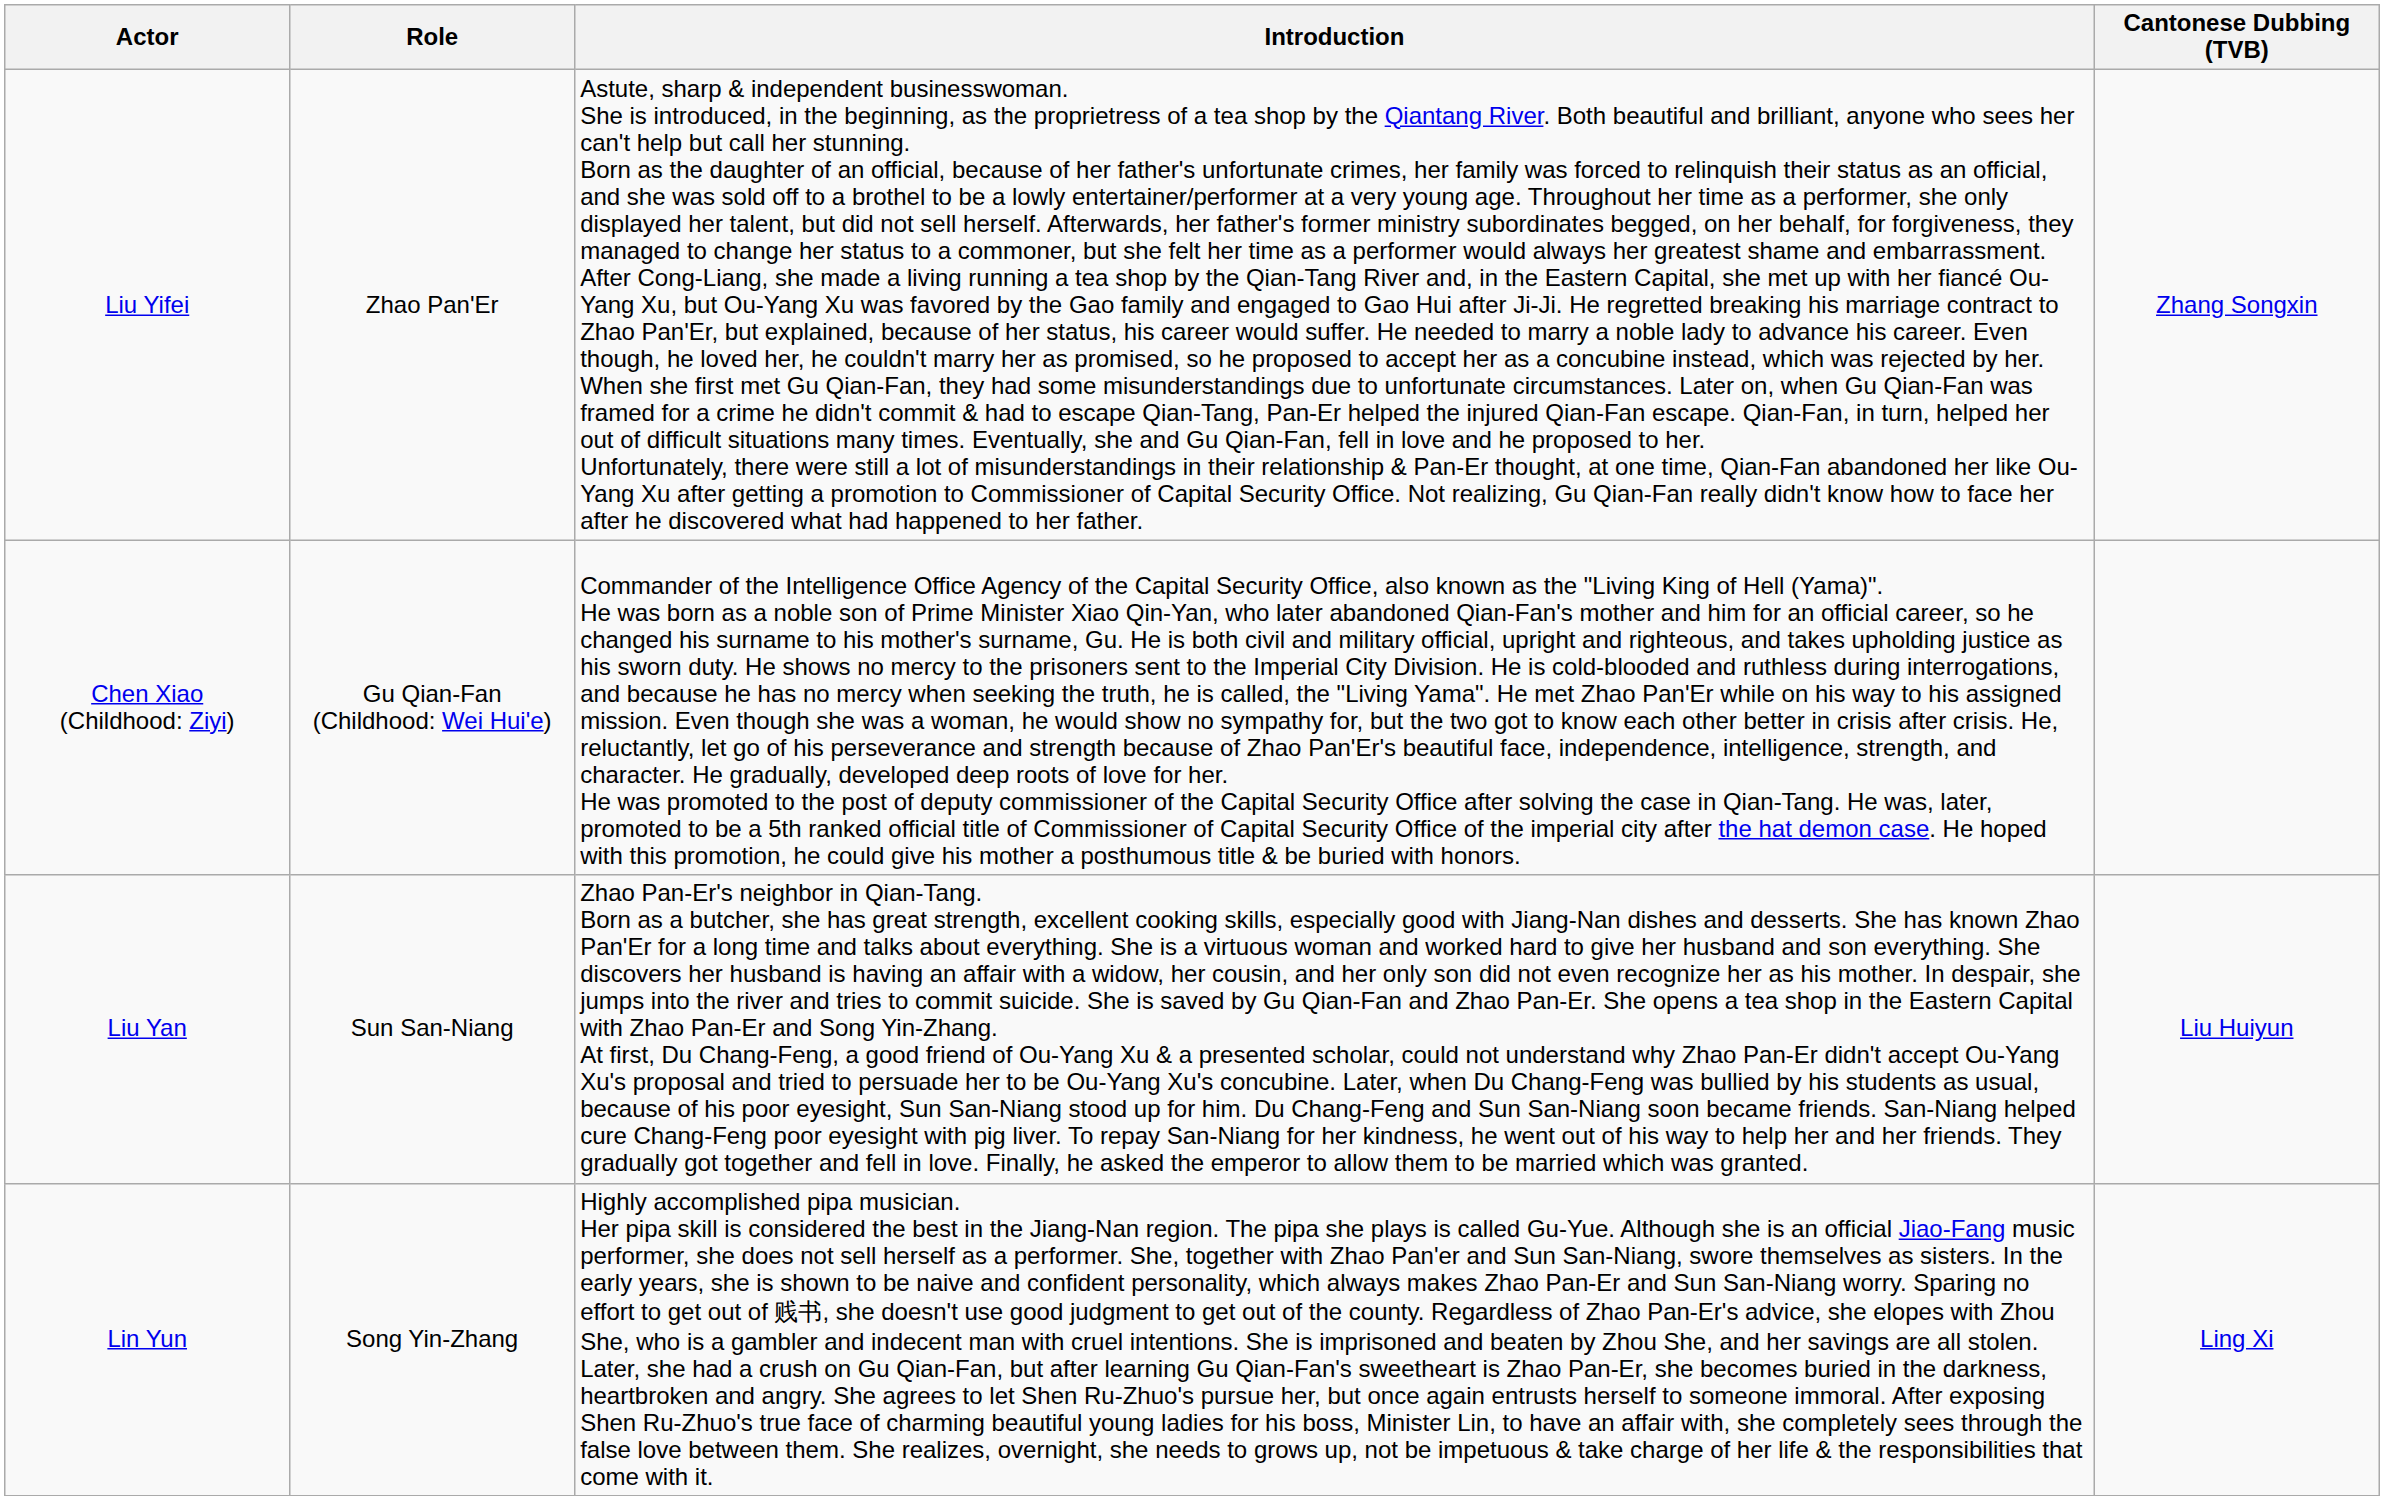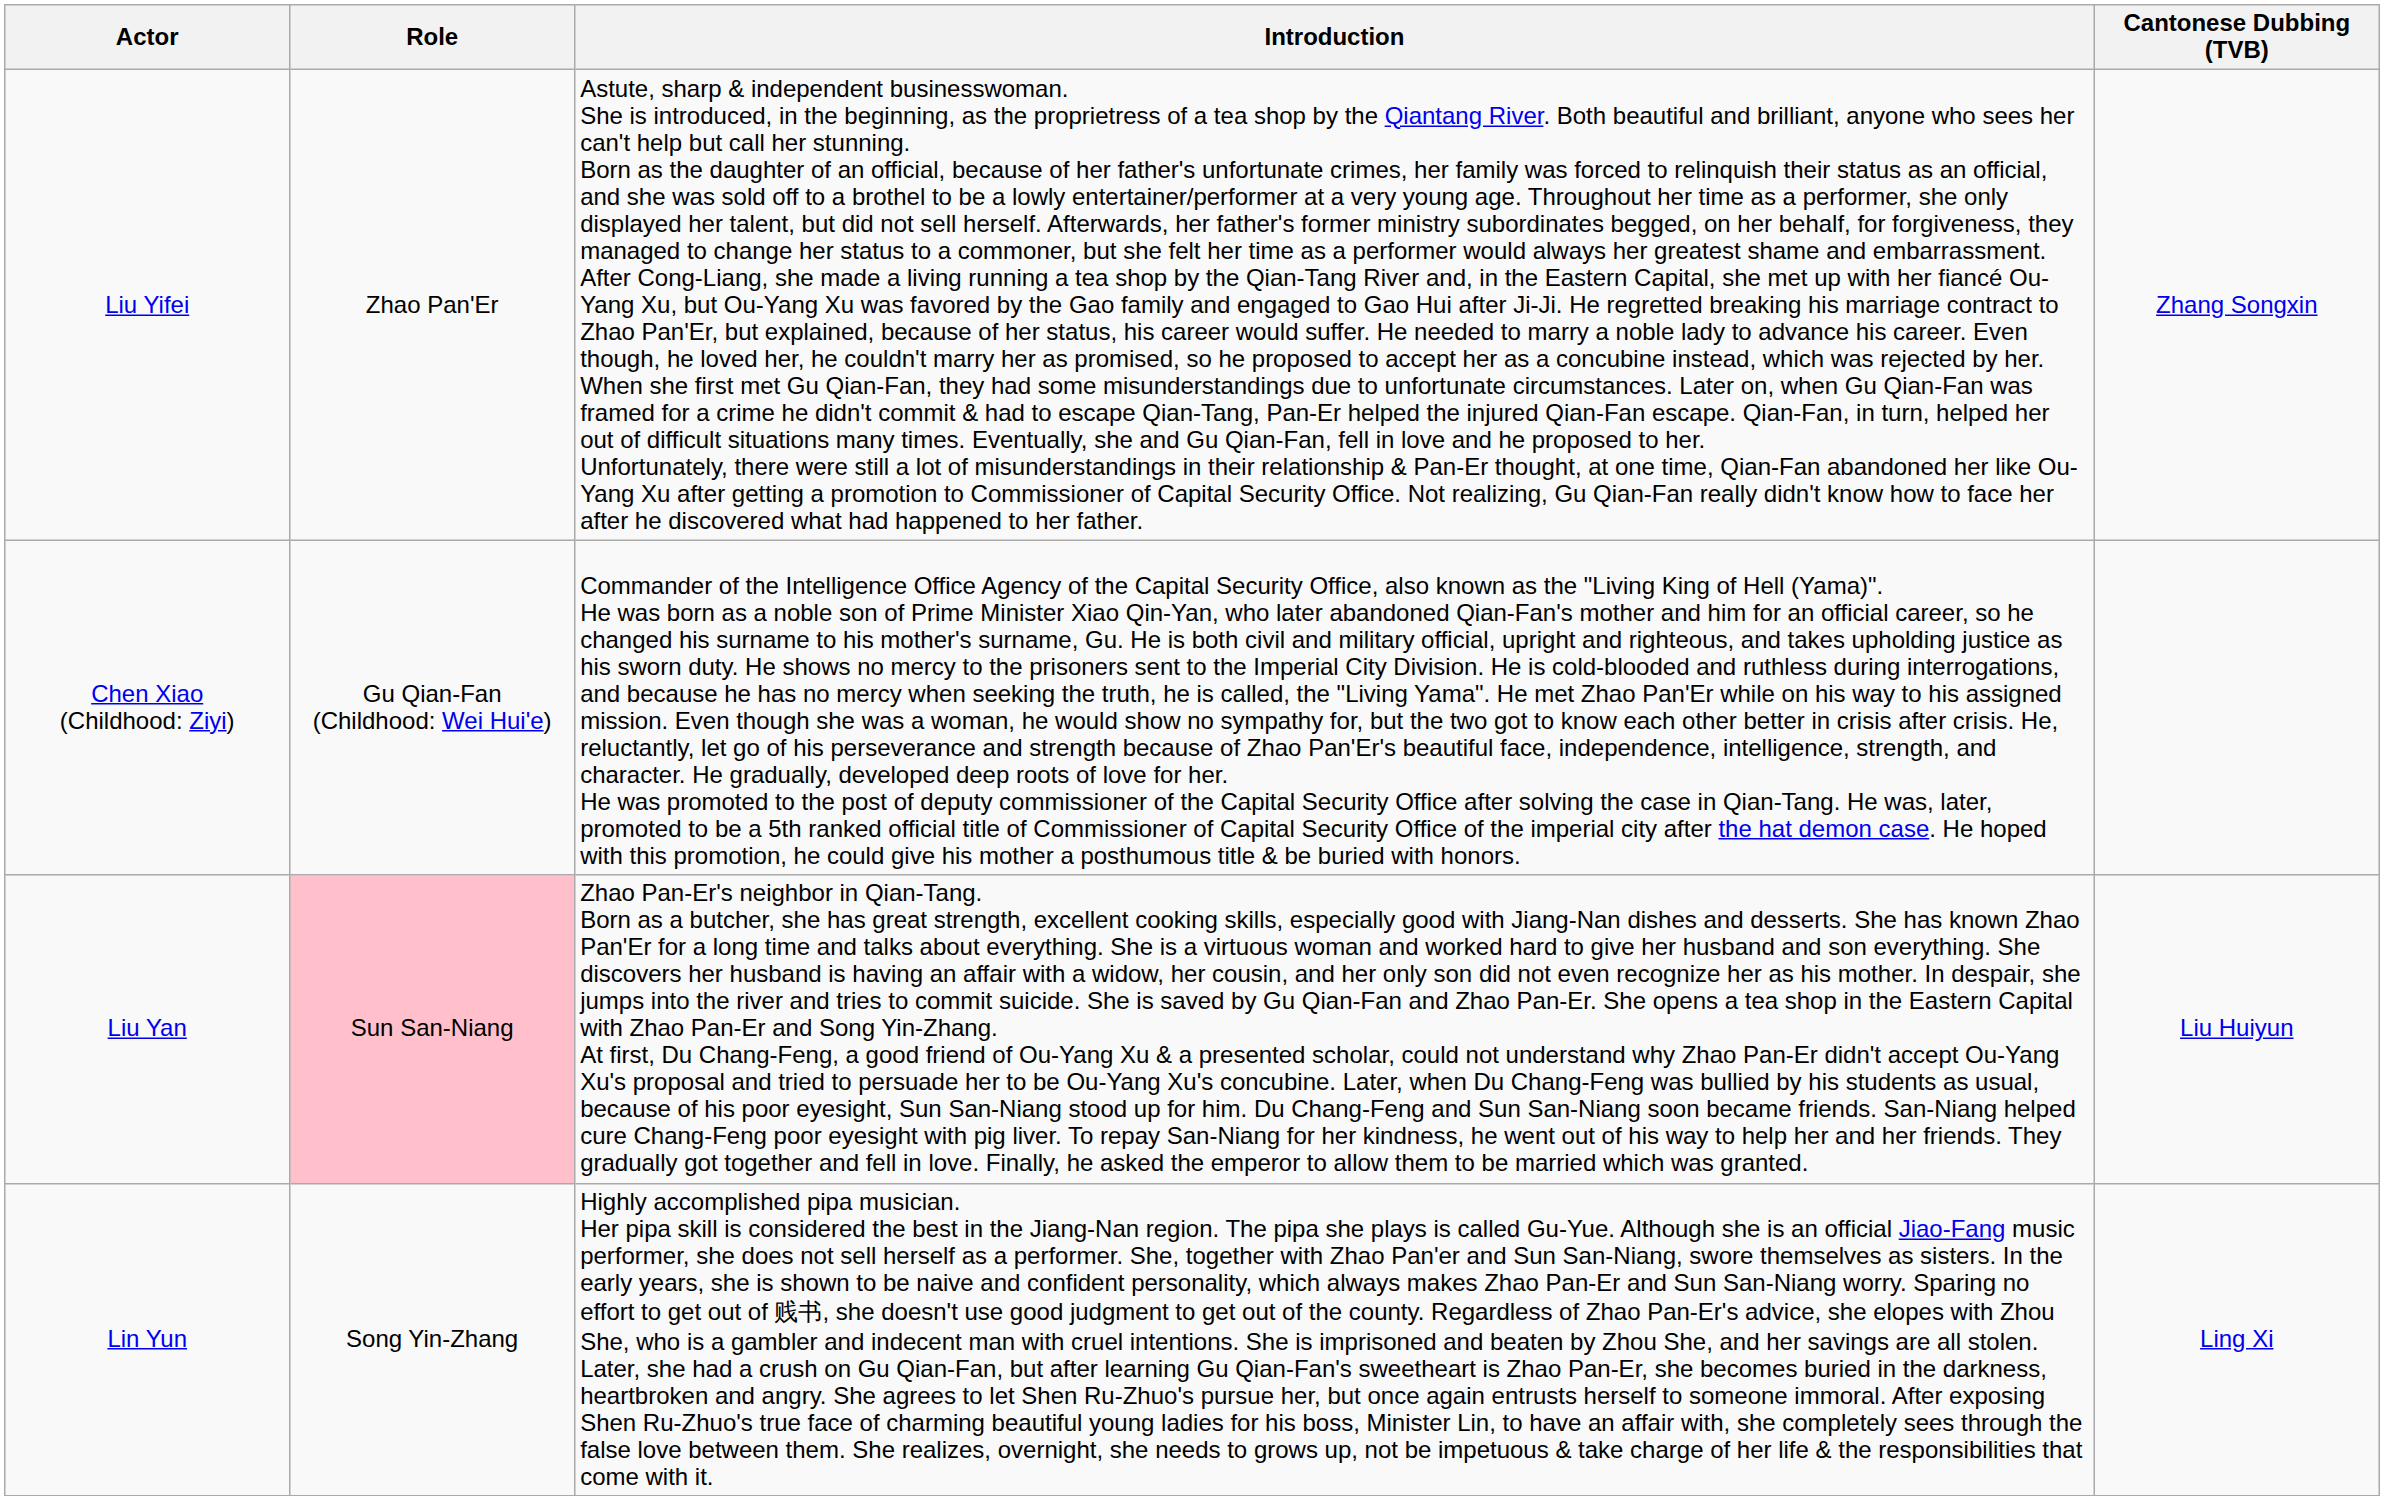 <table class="wikitable" width="100%" style="text-align:center">
 <tr>
 <th width="12%">Actor</th>
 <th width="12%">Role</th>
 <th>Introduction</th>
 <th width="12%">Cantonese Dubbing (TVB)</th>
 </tr>
 <tr>
 <td><a href='#'>Liu Yifei</a></td>
 <td>Zhao Pan'Er</td>
 <td align=left>Astute, sharp & independent businesswoman.<br>She is introduced, in the beginning, as the proprietress of a tea shop by the <a href='#'>Qiantang River</a>. Both beautiful and brilliant, anyone who sees her can't help but call her stunning.<br>Born as the daughter of an official, because of her father's unfortunate crimes, her family was forced to relinquish their status as an official, and she was sold off to a brothel to be a lowly entertainer/performer at a very young age. Throughout her time as a performer, she only displayed her talent, but did not sell herself. Afterwards, her father's former ministry subordinates begged, on her behalf, for forgiveness, they managed to change her status to a commoner, but she felt her time as a performer would always her greatest shame and embarrassment. After Cong-Liang, she made a living running a tea shop by the Qian-Tang River and, in the Eastern Capital, she met up with her fiancé Ou-Yang Xu, but Ou-Yang Xu was favored by the Gao family and engaged to Gao Hui after Ji-Ji. He regretted breaking his marriage contract to Zhao Pan'Er, but explained, because of her status, his career would suffer. He needed to marry a noble lady to advance his career. Even though, he loved her, he couldn't marry her as promised, so he proposed to accept her as a concubine instead, which was rejected by her.<br>When she first met Gu Qian-Fan, they had some misunderstandings due to unfortunate circumstances. Later on, when Gu Qian-Fan was framed for a crime he didn't commit & had to escape Qian-Tang, Pan-Er helped the injured Qian-Fan escape. Qian-Fan, in turn, helped her out of difficult situations many times. Eventually, she and Gu Qian-Fan, fell in love and he proposed to her.<br>Unfortunately, there were still a lot of misunderstandings in their relationship & Pan-Er thought, at one time, Qian-Fan abandoned her like Ou-Yang Xu after getting a promotion to Commissioner of Capital Security Office. Not realizing, Gu Qian-Fan really didn't know how to face her after he discovered what had happened to her father.</td>
 <td><a href='#'>Zhang Songxin</a></td>
 </tr>
 <tr>
 <td><a href='#'>Chen Xiao</a><br> (Childhood: <a href='#'>Ziyi</a>)</td>
 <td>Gu Qian-Fan<br>(Childhood: <a href='#'>Wei Hui'e</a>)</td>
 <td align=left><br>Commander of the Intelligence Office Agency of the Capital Security Office, also known as the "Living King of Hell (Yama)".<br>He was born as a noble son of Prime Minister Xiao Qin-Yan, who later abandoned Qian-Fan's mother and him for an official career, so he changed his surname to his mother's surname, Gu. He is both civil and military official, upright and righteous, and takes upholding justice as his sworn duty. He shows no mercy to the prisoners sent to the Imperial City Division. He is cold-blooded and ruthless during interrogations, and because he has no mercy when seeking the truth, he is called, the "Living Yama". He met Zhao Pan'Er while on his way to his assigned mission. Even though she was a woman, he would show no sympathy for, but the two got to know each other better in crisis after crisis. He, reluctantly, let go of his perseverance and strength because of Zhao Pan'Er's beautiful face, independence, intelligence, strength, and character. He gradually, developed deep roots of love for her.<br>He was promoted to the post of deputy commissioner of the Capital Security Office after solving the case in Qian-Tang. He was, later, promoted to be a 5th ranked official title of Commissioner of Capital Security Office of the imperial city after <a href='#'>the hat demon case</a>. He hoped with this promotion, he could give his mother a posthumous title & be buried with honors.</td>
 <td></td>
 </tr>
 <tr>
 <td><a href='#'>Liu Yan</a></td>
-<td>Sun San-Niang</td>
+<td style="background: pink;">Sun San-Niang</td>
 <td align=left>Zhao Pan-Er's neighbor in Qian-Tang.<br>Born as a butcher, she has great strength, excellent cooking skills, especially good with Jiang-Nan dishes and desserts. She has known Zhao Pan'Er for a long time and talks about everything. She is a virtuous woman and worked hard to give her husband and son everything. She discovers her husband is having an affair with a widow, her cousin, and her only son did not even recognize her as his mother. In despair, she jumps into the river and tries to commit suicide. She is saved by Gu Qian-Fan and Zhao Pan-Er. She opens a tea shop in the Eastern Capital with Zhao Pan-Er and Song Yin-Zhang.<br>At first, Du Chang-Feng, a good friend of Ou-Yang Xu & a presented scholar, could not understand why Zhao Pan-Er didn't accept Ou-Yang Xu's proposal and  tried to persuade her to be Ou-Yang Xu's concubine. Later, when Du Chang-Feng was bullied by his students as usual, because of his poor eyesight, Sun San-Niang stood up for him. Du Chang-Feng and Sun San-Niang soon became friends. San-Niang helped cure Chang-Feng poor eyesight with pig liver. To repay San-Niang for her kindness, he went out of his way to help her and her friends. They gradually got together and fell in love. Finally, he asked the emperor to allow them to be married which was granted.</td>
 <td><a href='#'>Liu Huiyun</a></td>
 </tr>
 <tr>
 <td><a href='#'>Lin Yun</a></td>
 <td>Song Yin-Zhang</td>
 <td align=left>Highly accomplished pipa musician.<br>Her pipa skill is considered the best in the Jiang-Nan region. The pipa she plays is called Gu-Yue. Although she is an official <a href='#'>Jiao-Fang</a> music performer, she does not sell herself as a performer. She, together with Zhao Pan'er and Sun San-Niang, swore themselves as sisters. In the early years, she is shown to be naive and confident personality, which always makes Zhao Pan-Er and Sun San-Niang worry. Sparing no effort to get out of 贱书, she doesn't use good judgment to get out of the county. Regardless of Zhao Pan-Er's advice, she elopes with Zhou She, who is a gambler and indecent man with cruel intentions. She is imprisoned and beaten by Zhou She, and her savings are all stolen. Later, she had a crush on Gu Qian-Fan, but after learning Gu Qian-Fan's sweetheart is Zhao Pan-Er, she becomes buried in the darkness, heartbroken and angry. She agrees to let Shen Ru-Zhuo's pursue her, but once again entrusts herself to someone immoral. After exposing Shen Ru-Zhuo's true face of charming beautiful young ladies for his boss, Minister Lin, to have an affair with, she completely sees through the false love between them. She realizes, overnight, she needs to grows up, not be impetuous & take charge of her life & the responsibilities that come with it.</td>
 <td><a href='#'>Ling Xi</a></td>
 </tr>
 <tr>
 </tr>
 </table>
